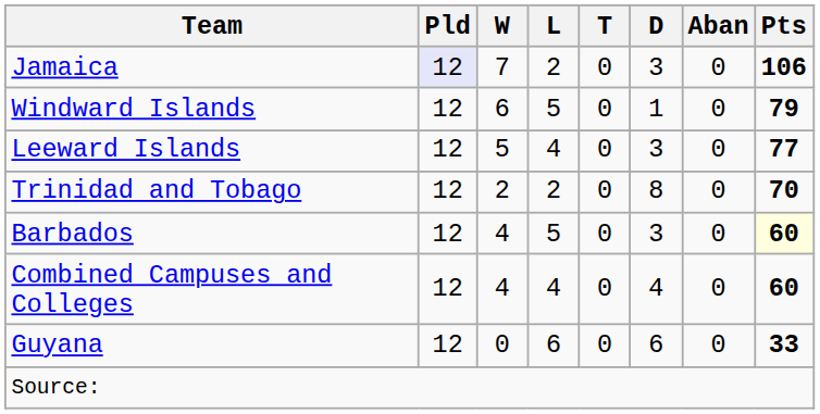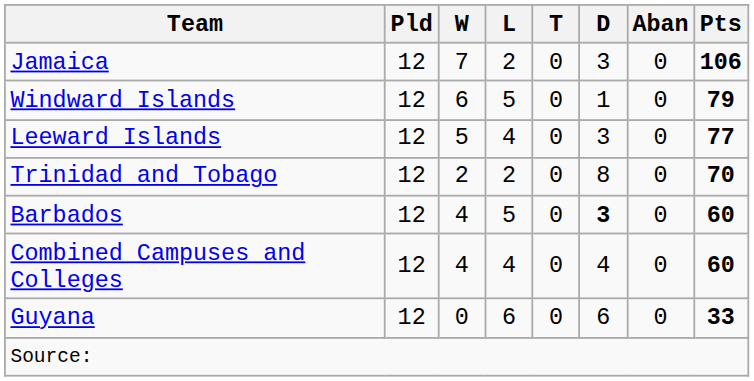 <table class="wikitable" style="text-align: center;">
 <tr>
 <th width=205>Team</th>
 <th width=20>Pld</th>
 <th width=20>W</th>
 <th width=20>L</th>
 <th width=20>T</th>
 <th width=20>D</th>
 <th width=20>Aban</th>
 <th width=20>Pts</th>
 </tr>
 <tr>
 <td align=left><a href='#'>Jamaica</a></td>
-<td style="background: lavender;">12</td>
+<td>12</td>
 <td>7</td>
 <td>2</td>
 <td>0</td>
 <td>3</td>
 <td>0</td>
 <td><strong>106</strong></td>
 </tr>
 <tr>
 <td align=left><a href='#'>Windward Islands</a></td>
 <td>12</td>
 <td>6</td>
 <td>5</td>
 <td>0</td>
 <td>1</td>
 <td>0</td>
 <td><strong>79</strong></td>
 </tr>
 <tr>
 <td align=left><a href='#'>Leeward Islands</a></td>
 <td>12</td>
 <td>5</td>
 <td>4</td>
 <td>0</td>
 <td>3</td>
 <td>0</td>
 <td><strong>77</strong></td>
 </tr>
 <tr>
 <td align=left><a href='#'>Trinidad and Tobago</a></td>
 <td>12</td>
 <td>2</td>
 <td>2</td>
 <td>0</td>
 <td>8</td>
 <td>0</td>
 <td><strong>70</strong></td>
 </tr>
 <tr>
 <td align=left><a href='#'>Barbados</a></td>
 <td>12</td>
 <td>4</td>
 <td>5</td>
 <td>0</td>
-<td>3</td>
+<td><strong>3</strong></td>
 <td>0</td>
-<td style="background: lightyellow;"><strong>60</strong></td>
+<td><strong>60</strong></td>
 </tr>
 <tr>
 <td align=left><a href='#'>Combined Campuses and Colleges</a></td>
 <td>12</td>
 <td>4</td>
 <td>4</td>
 <td>0</td>
 <td>4</td>
 <td>0</td>
 <td><strong>60</strong></td>
 </tr>
 <tr>
 <td align=left><a href='#'>Guyana</a></td>
 <td>12</td>
 <td>0</td>
 <td>6</td>
 <td>0</td>
 <td>6</td>
 <td>0</td>
 <td><strong>33</strong></td>
 </tr>
 <tr>
 <td align=left colspan="11"><small>Source:</small></td>
 </tr>
 </table>
